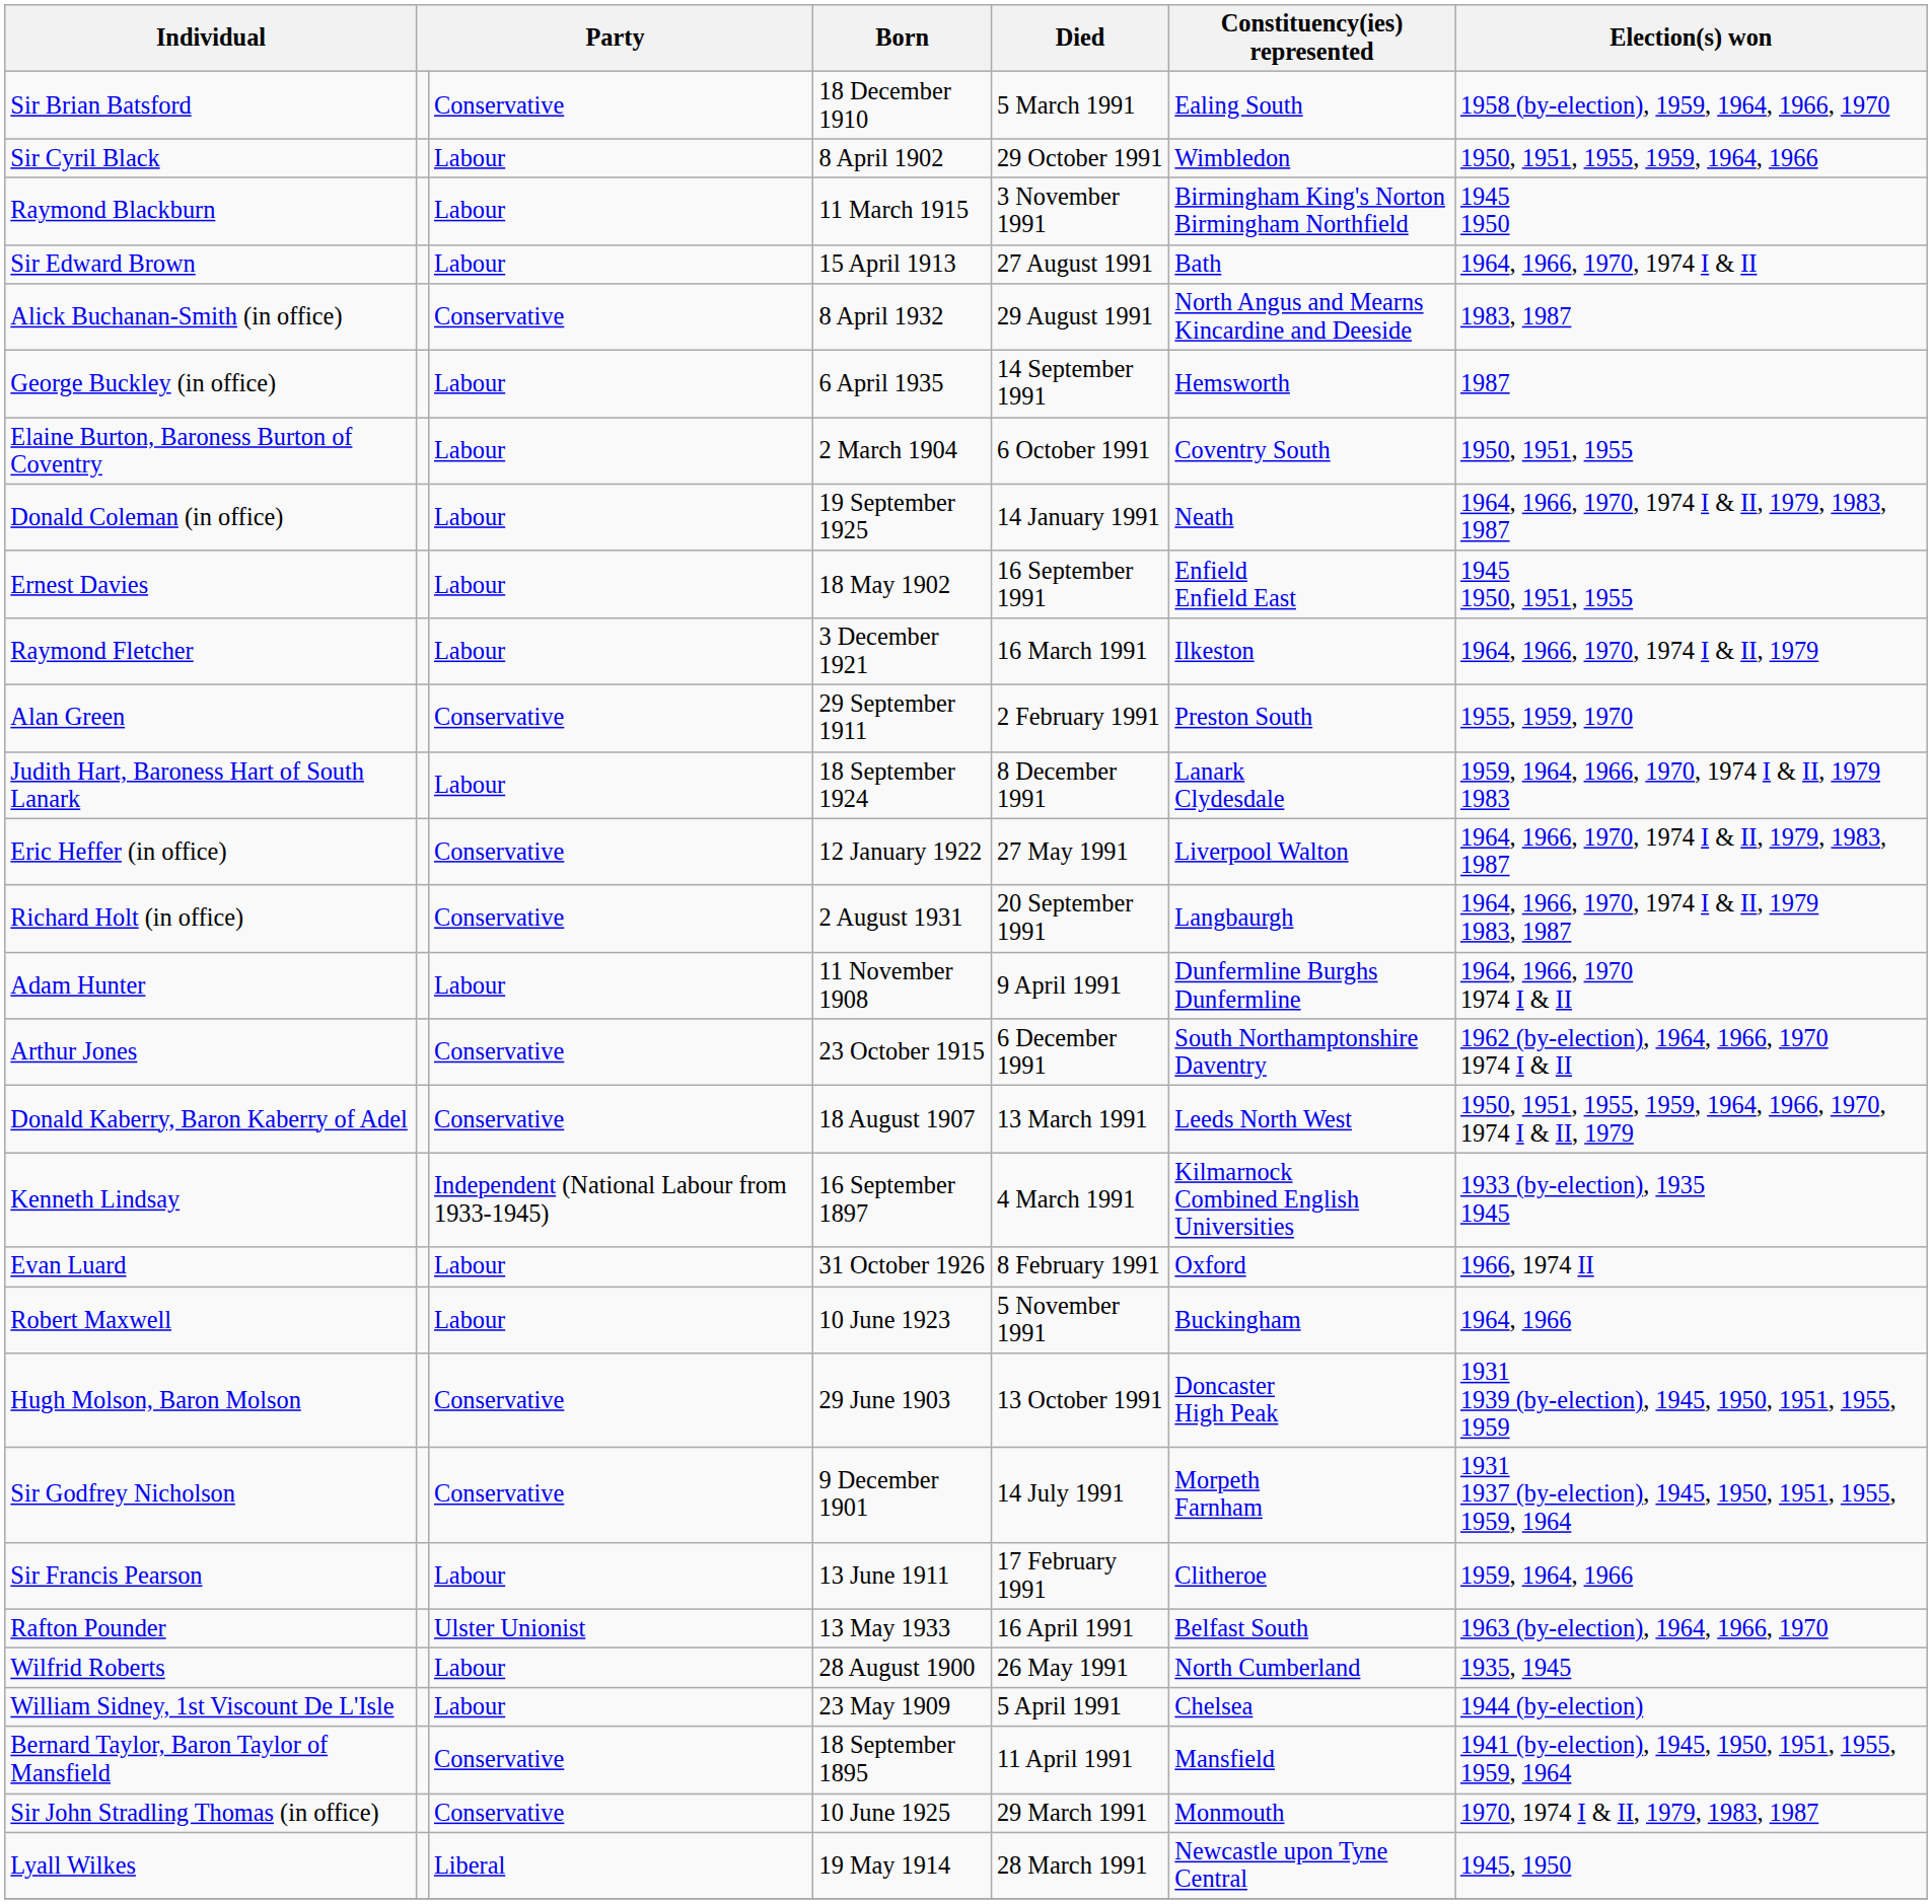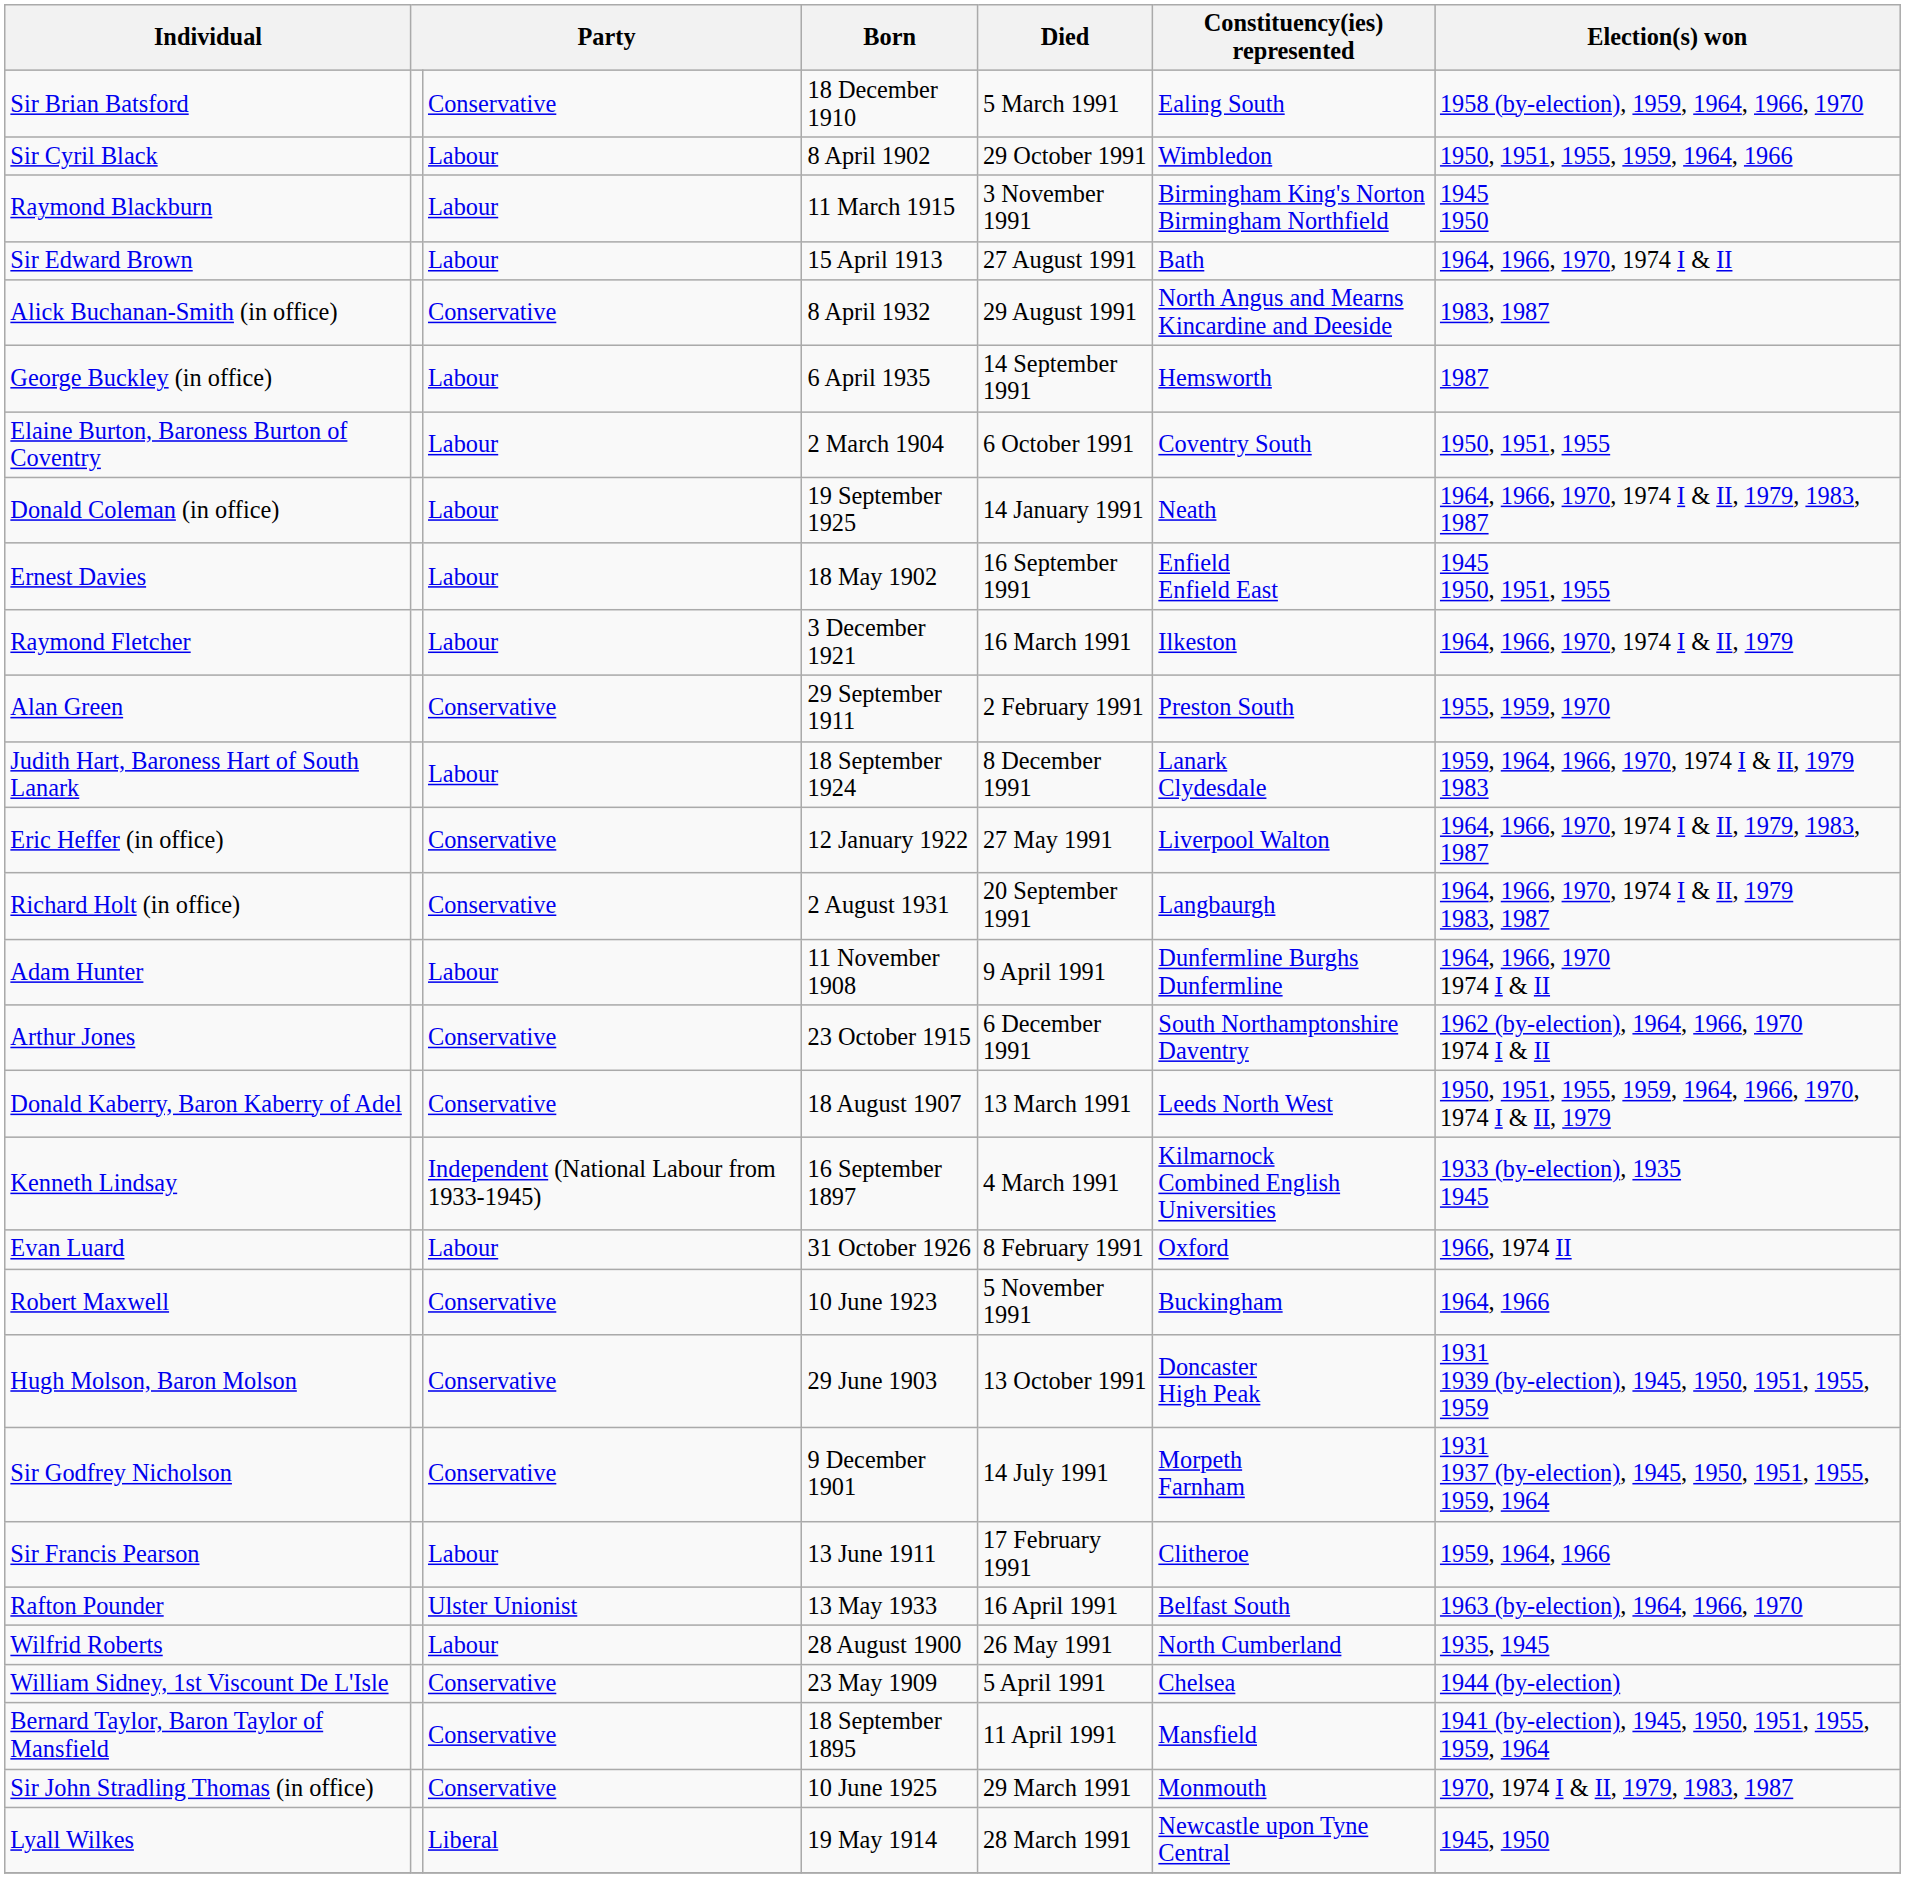 <table class="wikitable sortable">
 <tr>
 <th width="260px">Individual</th>
 <th colspan="2">Party</th>
 <th>Born</th>
 <th>Died</th>
 <th>Constituency(ies) represented</th>
 <th>Election(s) won</th>
 </tr>
 <tr>
 <td><a href='#'>Sir Brian Batsford</a></td>
 <td style="background-color: "></td>
 <td><a href='#'>Conservative</a></td>
 <td>18 December 1910</td>
 <td>5 March 1991</td>
 <td><a href='#'>Ealing South</a></td>
 <td><a href='#'>1958 (by-election)</a>, <a href='#'>1959</a>, <a href='#'>1964</a>, <a href='#'>1966</a>, <a href='#'>1970</a></td>
 </tr>
 <tr>
 <td><a href='#'>Sir Cyril Black</a></td>
 <td style="background-color: "></td>
 <td><a href='#'>Labour</a></td>
 <td>8 April 1902</td>
 <td>29 October 1991</td>
 <td><a href='#'>Wimbledon</a></td>
 <td><a href='#'>1950</a>, <a href='#'>1951</a>, <a href='#'>1955</a>, <a href='#'>1959</a>, <a href='#'>1964</a>, <a href='#'>1966</a></td>
 </tr>
 <tr>
 <td><a href='#'>Raymond Blackburn</a></td>
 <td style="background-color: "></td>
 <td><a href='#'>Labour</a></td>
 <td>11 March 1915</td>
 <td>3 November 1991</td>
 <td><a href='#'>Birmingham King's Norton</a><br><a href='#'>Birmingham Northfield</a></td>
 <td><a href='#'>1945</a><br><a href='#'>1950</a></td>
 </tr>
 <tr>
 <td><a href='#'>Sir Edward Brown</a></td>
 <td style="background-color: "></td>
 <td><a href='#'>Labour</a></td>
 <td>15 April 1913</td>
 <td>27 August 1991</td>
 <td><a href='#'>Bath</a></td>
 <td><a href='#'>1964</a>, <a href='#'>1966</a>, <a href='#'>1970</a>, 1974 <a href='#'>I</a> & <a href='#'>II</a></td>
 </tr>
 <tr>
 <td><a href='#'>Alick Buchanan-Smith</a> (in office)</td>
 <td style="background-color: "></td>
 <td><a href='#'>Conservative</a></td>
 <td>8 April 1932</td>
 <td>29 August 1991</td>
 <td><a href='#'>North Angus and Mearns</a><br><a href='#'>Kincardine and Deeside</a></td>
 <td><a href='#'>1983</a>, <a href='#'>1987</a></td>
 </tr>
 <tr>
 <td><a href='#'>George Buckley</a> (in office)</td>
 <td style="background-color: "></td>
 <td><a href='#'>Labour</a></td>
 <td>6 April 1935</td>
 <td>14 September 1991</td>
 <td><a href='#'>Hemsworth</a></td>
 <td><a href='#'>1987</a></td>
 </tr>
 <tr>
 <td><a href='#'>Elaine Burton, Baroness Burton of Coventry</a></td>
 <td style="background-color: "></td>
 <td><a href='#'>Labour</a></td>
 <td>2 March 1904</td>
 <td>6 October 1991</td>
 <td><a href='#'>Coventry South</a></td>
 <td><a href='#'>1950</a>, <a href='#'>1951</a>, <a href='#'>1955</a></td>
 </tr>
 <tr>
 <td><a href='#'>Donald Coleman</a> (in office)</td>
 <td style="background-color: "></td>
 <td><a href='#'>Labour</a></td>
 <td>19 September 1925</td>
 <td>14 January 1991</td>
 <td><a href='#'>Neath</a></td>
 <td><a href='#'>1964</a>, <a href='#'>1966</a>, <a href='#'>1970</a>, 1974 <a href='#'>I</a> & <a href='#'>II</a>, <a href='#'>1979</a>, <a href='#'>1983</a>, <a href='#'>1987</a></td>
 </tr>
 <tr>
 <td><a href='#'>Ernest Davies</a></td>
 <td style="background-color: "></td>
 <td><a href='#'>Labour</a></td>
 <td>18 May 1902</td>
 <td>16 September 1991</td>
 <td><a href='#'>Enfield</a><br><a href='#'>Enfield East</a></td>
 <td><a href='#'>1945</a><br><a href='#'>1950</a>, <a href='#'>1951</a>, <a href='#'>1955</a></td>
 </tr>
 <tr>
 <td><a href='#'>Raymond Fletcher</a></td>
 <td style="background-color: "></td>
 <td><a href='#'>Labour</a></td>
 <td>3 December 1921</td>
 <td>16 March 1991</td>
 <td><a href='#'>Ilkeston</a></td>
 <td><a href='#'>1964</a>, <a href='#'>1966</a>, <a href='#'>1970</a>, 1974 <a href='#'>I</a> & <a href='#'>II</a>, <a href='#'>1979</a></td>
 </tr>
 <tr>
 <td><a href='#'>Alan Green</a></td>
 <td style="background-color: "></td>
 <td><a href='#'>Conservative</a></td>
 <td>29 September 1911</td>
 <td>2 February 1991</td>
 <td><a href='#'>Preston South</a></td>
 <td><a href='#'>1955</a>, <a href='#'>1959</a>, <a href='#'>1970</a></td>
 </tr>
 <tr>
 <td><a href='#'>Judith Hart, Baroness Hart of South Lanark</a></td>
 <td style="background-color: "></td>
 <td><a href='#'>Labour</a></td>
 <td>18 September 1924</td>
 <td>8 December 1991</td>
 <td><a href='#'>Lanark</a><br><a href='#'>Clydesdale</a></td>
 <td><a href='#'>1959</a>, <a href='#'>1964</a>, <a href='#'>1966</a>, <a href='#'>1970</a>, 1974 <a href='#'>I</a> & <a href='#'>II</a>, <a href='#'>1979</a><br><a href='#'>1983</a></td>
 </tr>
 <tr>
 <td><a href='#'>Eric Heffer</a> (in office)</td>
 <td style="background-color: "></td>
 <td><a href='#'>Conservative</a></td>
 <td>12 January 1922</td>
 <td>27 May 1991</td>
 <td><a href='#'>Liverpool Walton</a></td>
 <td><a href='#'>1964</a>, <a href='#'>1966</a>, <a href='#'>1970</a>, 1974 <a href='#'>I</a> & <a href='#'>II</a>, <a href='#'>1979</a>, <a href='#'>1983</a>, <a href='#'>1987</a></td>
 </tr>
 <tr>
 <td><a href='#'>Richard Holt</a> (in office)</td>
 <td style="background-color: "></td>
 <td><a href='#'>Conservative</a></td>
 <td>2 August 1931</td>
 <td>20 September 1991</td>
 <td><a href='#'>Langbaurgh</a></td>
 <td><a href='#'>1964</a>, <a href='#'>1966</a>, <a href='#'>1970</a>, 1974 <a href='#'>I</a> & <a href='#'>II</a>, <a href='#'>1979</a><br><a href='#'>1983</a>, <a href='#'>1987</a></td>
 </tr>
 <tr>
 <td><a href='#'>Adam Hunter</a></td>
 <td style="background-color: "></td>
 <td><a href='#'>Labour</a></td>
 <td>11 November 1908</td>
 <td>9 April 1991</td>
 <td><a href='#'>Dunfermline Burghs</a><br><a href='#'>Dunfermline</a></td>
 <td><a href='#'>1964</a>, <a href='#'>1966</a>, <a href='#'>1970</a><br>1974 <a href='#'>I</a> & <a href='#'>II</a></td>
 </tr>
 <tr>
 <td><a href='#'>Arthur Jones</a></td>
 <td style="background-color: "></td>
 <td><a href='#'>Conservative</a></td>
 <td>23 October 1915</td>
 <td>6 December 1991</td>
 <td><a href='#'>South Northamptonshire</a><br><a href='#'>Daventry</a></td>
 <td><a href='#'>1962 (by-election)</a>, <a href='#'>1964</a>, <a href='#'>1966</a>, <a href='#'>1970</a><br>1974 <a href='#'>I</a> & <a href='#'>II</a></td>
 </tr>
 <tr>
 <td><a href='#'>Donald Kaberry, Baron Kaberry of Adel</a></td>
 <td style="background-color: "></td>
 <td><a href='#'>Conservative</a></td>
 <td>18 August 1907</td>
 <td>13 March 1991</td>
 <td><a href='#'>Leeds North West</a></td>
 <td><a href='#'>1950</a>, <a href='#'>1951</a>, <a href='#'>1955</a>, <a href='#'>1959</a>, <a href='#'>1964</a>, <a href='#'>1966</a>, <a href='#'>1970</a>, 1974 <a href='#'>I</a> & <a href='#'>II</a>, <a href='#'>1979</a></td>
 </tr>
 <tr>
 <td><a href='#'>Kenneth Lindsay</a></td>
 <td style="background-color: "></td>
 <td><a href='#'>Independent</a> (National Labour from 1933-1945)</td>
 <td>16 September 1897</td>
 <td>4 March 1991</td>
 <td><a href='#'>Kilmarnock</a><br><a href='#'>Combined English Universities</a></td>
 <td><a href='#'>1933 (by-election)</a>, <a href='#'>1935</a><br><a href='#'>1945</a></td>
 </tr>
 <tr>
 <td><a href='#'>Evan Luard</a></td>
 <td style="background-color: "></td>
 <td><a href='#'>Labour</a></td>
 <td>31 October 1926</td>
 <td>8 February 1991</td>
 <td><a href='#'>Oxford</a></td>
 <td><a href='#'>1966</a>, 1974 <a href='#'>II</a></td>
 </tr>
 <tr>
 <td><a href='#'>Robert Maxwell</a></td>
 <td style="background-color: "></td>
-<td><a href='#'>Labour</a></td>
+<td><a href='#'>Conservative</a></td>
 <td>10 June 1923</td>
 <td>5 November 1991</td>
 <td><a href='#'>Buckingham</a></td>
 <td><a href='#'>1964</a>, <a href='#'>1966</a></td>
 </tr>
 <tr>
 <td><a href='#'>Hugh Molson, Baron Molson</a></td>
 <td style="background-color: "></td>
 <td><a href='#'>Conservative</a></td>
 <td>29 June 1903</td>
 <td>13 October 1991</td>
 <td><a href='#'>Doncaster</a><br><a href='#'>High Peak</a></td>
 <td><a href='#'>1931</a><br><a href='#'>1939 (by-election)</a>, <a href='#'>1945</a>, <a href='#'>1950</a>, <a href='#'>1951</a>, <a href='#'>1955</a>, <a href='#'>1959</a></td>
 </tr>
 <tr>
 <td><a href='#'>Sir Godfrey Nicholson</a></td>
 <td style="background-color: "></td>
 <td><a href='#'>Conservative</a></td>
 <td>9 December 1901</td>
 <td>14 July 1991</td>
 <td><a href='#'>Morpeth</a><br><a href='#'>Farnham</a></td>
 <td><a href='#'>1931</a><br><a href='#'>1937 (by-election)</a>, <a href='#'>1945</a>, <a href='#'>1950</a>, <a href='#'>1951</a>, <a href='#'>1955</a>, <a href='#'>1959</a>, <a href='#'>1964</a></td>
 </tr>
 <tr>
 <td><a href='#'>Sir Francis Pearson</a></td>
 <td style="background-color: "></td>
 <td><a href='#'>Labour</a></td>
 <td>13 June 1911</td>
 <td>17 February 1991</td>
 <td><a href='#'>Clitheroe</a></td>
 <td><a href='#'>1959</a>, <a href='#'>1964</a>, <a href='#'>1966</a></td>
 </tr>
 <tr>
 <td><a href='#'>Rafton Pounder</a></td>
 <td style="background-color: "></td>
 <td><a href='#'>Ulster Unionist</a></td>
 <td>13 May 1933</td>
 <td>16 April 1991</td>
 <td><a href='#'>Belfast South</a></td>
 <td><a href='#'>1963 (by-election)</a>, <a href='#'>1964</a>, <a href='#'>1966</a>, <a href='#'>1970</a></td>
 </tr>
 <tr>
 <td><a href='#'>Wilfrid Roberts</a></td>
 <td style="background-color: "></td>
 <td><a href='#'>Labour</a></td>
 <td>28 August 1900</td>
 <td>26 May 1991</td>
 <td><a href='#'>North Cumberland</a></td>
 <td><a href='#'>1935</a>, <a href='#'>1945</a></td>
 </tr>
 <tr>
 <td><a href='#'>William Sidney, 1st Viscount De L'Isle</a></td>
 <td style="background-color: "></td>
-<td><a href='#'>Labour</a></td>
+<td><a href='#'>Conservative</a></td>
 <td>23 May 1909</td>
 <td>5 April 1991</td>
 <td><a href='#'>Chelsea</a></td>
 <td><a href='#'>1944 (by-election)</a></td>
 </tr>
 <tr>
 <td><a href='#'>Bernard Taylor, Baron Taylor of Mansfield</a></td>
 <td style="background-color: "></td>
 <td><a href='#'>Conservative</a></td>
 <td>18 September 1895</td>
 <td>11 April 1991</td>
 <td><a href='#'>Mansfield</a></td>
 <td><a href='#'>1941 (by-election)</a>, <a href='#'>1945</a>, <a href='#'>1950</a>, <a href='#'>1951</a>, <a href='#'>1955</a>, <a href='#'>1959</a>, <a href='#'>1964</a></td>
 </tr>
 <tr>
 <td><a href='#'>Sir John Stradling Thomas</a> (in office)</td>
 <td style="background-color: "></td>
 <td><a href='#'>Conservative</a></td>
 <td>10 June 1925</td>
 <td>29 March 1991</td>
 <td><a href='#'>Monmouth</a></td>
 <td><a href='#'>1970</a>, 1974 <a href='#'>I</a> & <a href='#'>II</a>, <a href='#'>1979</a>, <a href='#'>1983</a>, <a href='#'>1987</a></td>
 </tr>
 <tr>
 <td><a href='#'>Lyall Wilkes</a></td>
 <td style="background-color: "></td>
 <td><a href='#'>Liberal</a></td>
 <td>19 May 1914</td>
 <td>28 March 1991</td>
 <td><a href='#'>Newcastle upon Tyne Central</a></td>
 <td><a href='#'>1945</a>, <a href='#'>1950</a></td>
 </tr>
 <tr>
 </tr>
 </table>
